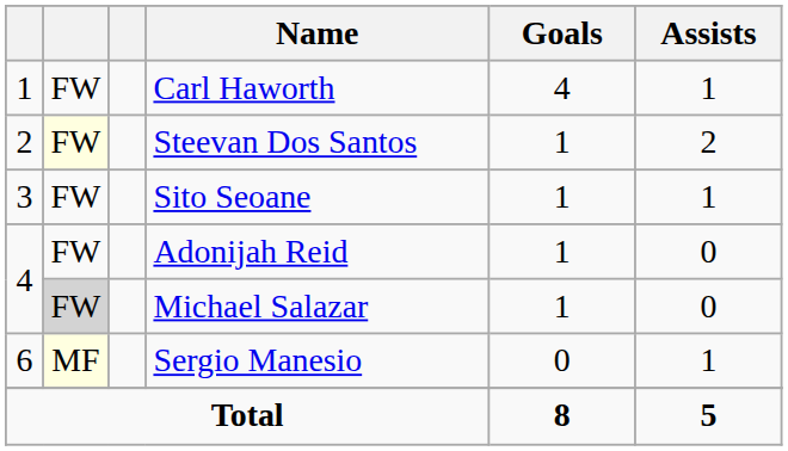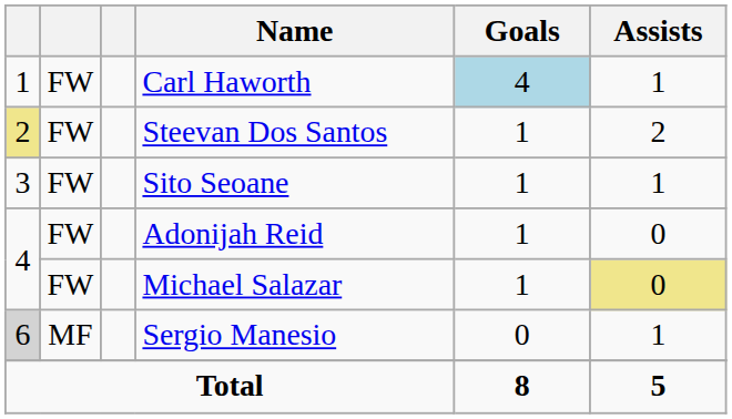 <table class="sortable wikitable" style="font-size: 95%; text-align: center;">
 <tr>
 <th width=10></th>
 <th width=10></th>
 <th width=10></th>
 <th width=150>Name</th>
 <th width=60>Goals</th>
 <th width=60>Assists</th>
 </tr>
 <tr>
 <td rowspan="1">1</td>
 <td>FW</td>
 <td></td>
 <td align=left><a href='#'>Carl Haworth</a></td>
-<td>4</td>
+<td style="background: lightblue;">4</td>
 <td>1</td>
 </tr>
 <tr>
-<td rowspan="1">2</td>
-<td style="background: lightyellow;">FW</td>
+<td rowspan="1" style="background: khaki;">2</td>
+<td>FW</td>
 <td></td>
 <td align=left><a href='#'>Steevan Dos Santos</a></td>
 <td>1</td>
 <td>2</td>
 </tr>
 <tr>
 <td rowspan="1">3</td>
 <td>FW</td>
 <td></td>
 <td align=left><a href='#'>Sito Seoane</a></td>
 <td>1</td>
 <td>1</td>
 </tr>
 <tr>
 <td rowspan="2">4</td>
 <td>FW</td>
 <td></td>
 <td align=left><a href='#'>Adonijah Reid</a></td>
 <td>1</td>
 <td>0</td>
 </tr>
 <tr>
-<td style="background: lightgrey;">FW</td>
+<td>FW</td>
 <td></td>
 <td align=left><a href='#'>Michael Salazar</a></td>
 <td>1</td>
-<td>0</td>
+<td style="background: khaki;">0</td>
 </tr>
 <tr>
-<td rowspan="1">6</td>
-<td style="background: lightyellow;">MF</td>
+<td rowspan="1" style="background: lightgrey;">6</td>
+<td>MF</td>
 <td></td>
 <td align=left><a href='#'>Sergio Manesio</a></td>
 <td>0</td>
 <td>1</td>
 </tr>
 <tr>
 </tr>
 <tr>
 <td colspan="4"><strong>Total</strong></td>
 <td><strong>8</strong></td>
 <td><strong>5</strong></td>
 </tr>
 </table>
